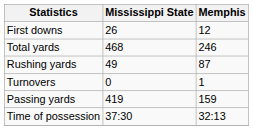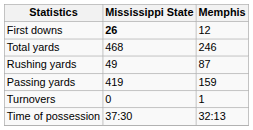 <table class="wikitable">
 <tr>
 <th>Statistics</th>
 <th>Mississippi State</th>
 <th>Memphis</th>
 </tr>
 <tr>
 <td>First downs</td>
-<td>26</td>
+<td><strong>26</strong></td>
 <td>12</td>
 </tr>
 <tr>
 <td>Total yards</td>
 <td>468</td>
 <td>246</td>
 </tr>
 <tr>
 <td>Rushing yards</td>
 <td>49</td>
 <td>87</td>
 </tr>
 <tr>
+<td>Passing yards</td>
+<td>419</td>
+<td>159</td>
+</tr>
+<tr>
 <td>Turnovers</td>
 <td>0</td>
 <td>1</td>
-</tr>
-<tr>
-<td>Passing yards</td>
-<td>419</td>
-<td>159</td>
 </tr>
 <tr>
 <td>Time of possession</td>
 <td>37:30</td>
 <td>32:13</td>
 </tr>
 <tr>
 </tr>
 </table>
